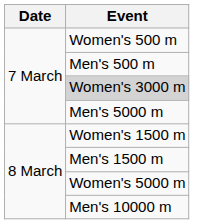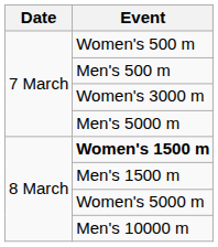 <table class="wikitable">
 <tr>
 <th>Date</th>
 <th>Event</th>
 </tr>
 <tr>
 <td rowspan=4>7 March</td>
 <td>Women's 500 m</td>
 </tr>
 <tr>
 <td>Men's 500 m</td>
 </tr>
 <tr>
-<td style="background: lightgrey;">Women's 3000 m</td>
+<td>Women's 3000 m</td>
 </tr>
 <tr>
 <td>Men's 5000 m</td>
 </tr>
 <tr>
 <td rowspan=4>8 March</td>
-<td>Women's 1500 m</td>
+<td><strong>Women's 1500 m</strong></td>
 </tr>
 <tr>
 <td>Men's 1500 m</td>
 </tr>
 <tr>
 <td>Women's 5000 m</td>
 </tr>
 <tr>
 <td>Men's 10000 m</td>
 </tr>
 </table>
